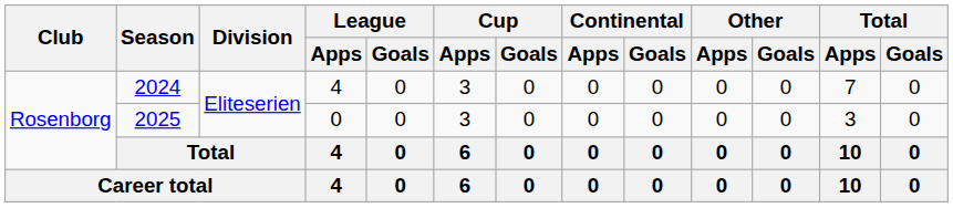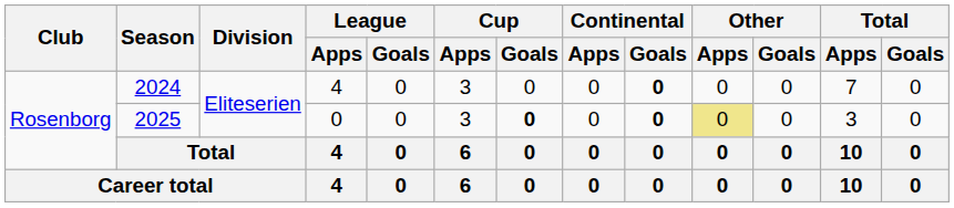 <table class="wikitable" style="text-align: center;">
 <tr>
 <th rowspan="2">Club</th>
 <th rowspan="2">Season</th>
 <th rowspan="2">Division</th>
 <th colspan="2">League</th>
 <th colspan="2">Cup</th>
 <th colspan="2">Continental</th>
 <th colspan="2">Other</th>
 <th colspan="2">Total</th>
 </tr>
 <tr>
 <th>Apps</th>
 <th>Goals</th>
 <th>Apps</th>
 <th>Goals</th>
 <th>Apps</th>
 <th>Goals</th>
 <th>Apps</th>
 <th>Goals</th>
 <th>Apps</th>
 <th>Goals</th>
 </tr>
 <tr>
 <td rowspan="3" valign="center"><a href='#'>Rosenborg</a></td>
 <td><a href='#'>2024</a></td>
 <td rowspan="2" valign="center"><a href='#'>Eliteserien</a></td>
 <td>4</td>
 <td>0</td>
 <td>3</td>
 <td>0</td>
 <td>0</td>
-<td>0</td>
+<td><strong>0</strong></td>
 <td>0</td>
 <td>0</td>
 <td>7</td>
 <td>0</td>
 </tr>
 <tr>
 <td><a href='#'>2025</a></td>
 <td>0</td>
 <td>0</td>
 <td>3</td>
+<td><strong>0</strong></td>
 <td>0</td>
-<td>0</td>
-<td>0</td>
-<td>0</td>
+<td><strong>0</strong></td>
+<td style="background: khaki;">0</td>
 <td>0</td>
 <td>3</td>
 <td>0</td>
 </tr>
 <tr>
 <th colspan=2>Total</th>
 <th>4</th>
 <th>0</th>
 <th>6</th>
 <th>0</th>
 <th>0</th>
 <th>0</th>
 <th>0</th>
 <th>0</th>
 <th>10</th>
 <th>0</th>
 </tr>
 <tr>
 <th colspan="3">Career total</th>
 <th>4</th>
 <th>0</th>
 <th>6</th>
 <th>0</th>
 <th>0</th>
 <th>0</th>
 <th>0</th>
 <th>0</th>
 <th>10</th>
 <th>0</th>
 </tr>
 </table>
